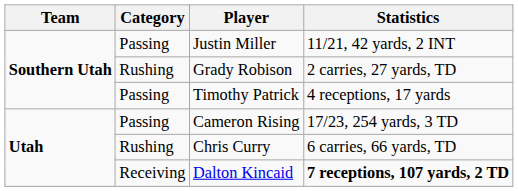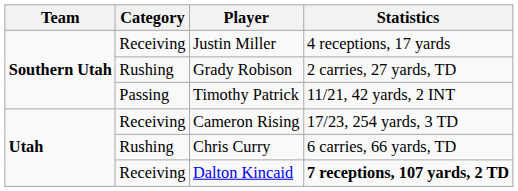 <table class="wikitable" style="float: right;">
 <tr>
 <th>Team</th>
 <th>Category</th>
 <th>Player</th>
 <th>Statistics</th>
 </tr>
 <tr>
 <td rowspan=3><strong>Southern Utah</strong></td>
-<td>Passing</td>
+<td>Receiving</td>
 <td>Justin Miller</td>
-<td>11/21, 42 yards, 2 INT</td>
+<td>4 receptions, 17 yards</td>
 </tr>
 <tr>
 <td>Rushing</td>
 <td>Grady Robison</td>
 <td>2 carries, 27 yards, TD</td>
 </tr>
 <tr>
 <td>Passing</td>
 <td>Timothy Patrick</td>
-<td>4 receptions, 17 yards</td>
+<td>11/21, 42 yards, 2 INT</td>
 </tr>
 <tr>
 <td rowspan=3><strong>Utah</strong></td>
-<td>Passing</td>
+<td>Receiving</td>
 <td>Cameron Rising</td>
 <td>17/23, 254 yards, 3 TD</td>
 </tr>
 <tr>
 <td>Rushing</td>
 <td>Chris Curry</td>
 <td>6 carries, 66 yards, TD</td>
 </tr>
 <tr>
 <td>Receiving</td>
 <td><a href='#'>Dalton Kincaid</a></td>
 <td><strong>7 receptions, 107 yards, 2 TD</strong></td>
 </tr>
 </table>
